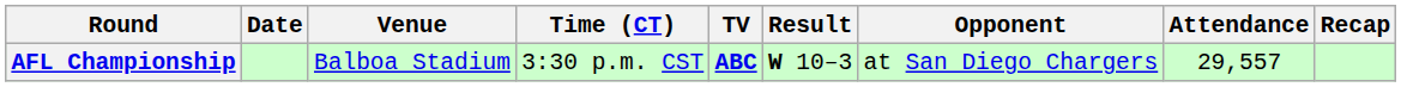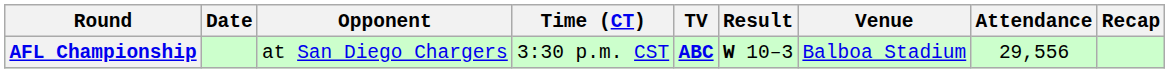 <table class="wikitable" style="text-align:center">
 <tr>
 <th>Round</th>
 <th>Date</th>
-<th>Venue</th>
+<th>Opponent</th>
 <th>Time (<a href='#'><span>CT</span></a>)</th>
 <th>TV</th>
 <th>Result</th>
-<th>Opponent</th>
+<th>Venue</th>
 <th>Attendance</th>
 <th>Recap</th>
 </tr>
 <tr style="background:#cfc">
 <th><a href='#'>AFL Championship</a></th>
 <td></td>
-<td><a href='#'>Balboa Stadium</a></td>
+<td>at <a href='#'>San Diego Chargers</a></td>
 <td>3:30 p.m. <a href='#'>CST</a></td>
 <td><strong><a href='#'>ABC</a></strong></td>
 <td><strong>W</strong> 10–3</td>
-<td>at <a href='#'>San Diego Chargers</a></td>
-<td>29,557</td>
+<td><a href='#'>Balboa Stadium</a></td>
+<td>29,556</td>
 <td></td>
 </tr>
 </table>
